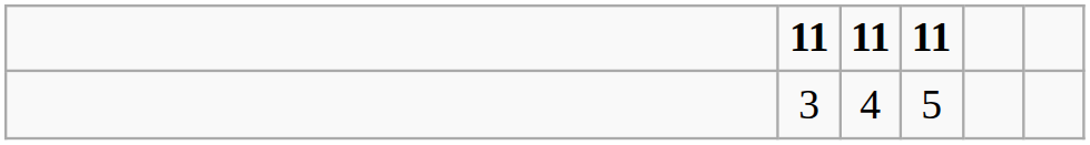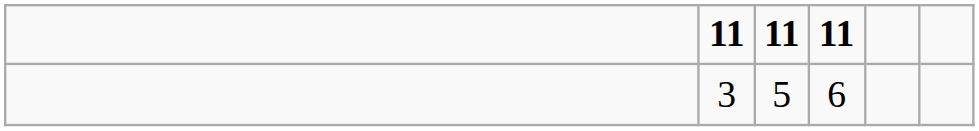 <table class="wikitable">
 <tr>
 <td style="width:18em"><strong></strong></td>
 <td align=center style="width:1em"><strong>11</strong></td>
 <td align=center style="width:1em"><strong>11</strong></td>
 <td align=center style="width:1em"><strong>11</strong></td>
 <td align=center style="width:1em"></td>
 <td align=center style="width:1em"></td>
 </tr>
 <tr>
 <td style="width:18em"></td>
 <td align=center style="width:1em">3</td>
-<td align=center style="width:1em">4</td>
 <td align=center style="width:1em">5</td>
+<td align=center style="width:1em">6</td>
 <td align=center style="width:1em"></td>
 <td align=center style="width:1em"></td>
 </tr>
 </table>
